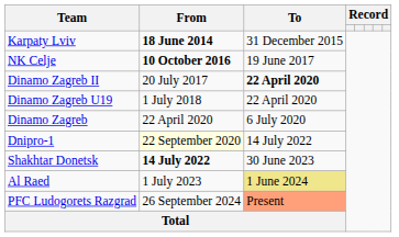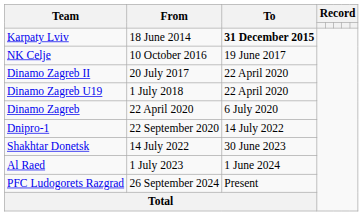 <table class=wikitable style="text-align: center">
 <tr>
 <th rowspan=2>Team</th>
 <th rowspan=2>From</th>
 <th rowspan=2>To</th>
 <th colspan=5>Record</th>
 </tr>
 <tr>
 <th></th>
 <th></th>
 <th></th>
 <th></th>
 <th></th>
 </tr>
 <tr>
 <td align=left><a href='#'>Karpaty Lviv</a></td>
-<td align=left><strong>18 June 2014</strong></td>
-<td align=left>31 December 2015<br></td>
+<td align=left>18 June 2014</td>
+<td align=left><strong>31 December 2015<br></strong></td>
 </tr>
 <tr>
 <td align=left><a href='#'>NK Celje</a></td>
-<td align=left><strong>10 October 2016</strong></td>
+<td align=left>10 October 2016</td>
 <td align=left>19 June 2017<br></td>
 </tr>
 <tr>
 <td align=left><a href='#'>Dinamo Zagreb II</a></td>
 <td align=left>20 July 2017</td>
-<td align=left><strong>22 April 2020<br></strong></td>
+<td align=left>22 April 2020<br></td>
 </tr>
 <tr>
 <td align=left><a href='#'>Dinamo Zagreb U19</a></td>
 <td align=left>1 July 2018</td>
 <td align=left>22 April 2020<br></td>
 </tr>
 <tr>
 <td align=left><a href='#'>Dinamo Zagreb</a></td>
 <td align=left>22 April 2020</td>
 <td align=left>6 July 2020<br></td>
 </tr>
 <tr>
 <td align=left><a href='#'>Dnipro-1</a></td>
-<td align=left style="background: lightyellow;">22 September 2020</td>
+<td align=left>22 September 2020</td>
 <td align=left>14 July 2022<br></td>
 </tr>
 <tr>
 <td align=left><a href='#'>Shakhtar Donetsk</a></td>
-<td align=left><strong>14 July 2022</strong></td>
+<td align=left>14 July 2022</td>
 <td align=left>30 June 2023<br></td>
 </tr>
 <tr>
 <td align=left><a href='#'>Al Raed</a></td>
 <td align=left>1 July 2023</td>
-<td align=left style="background: khaki;">1 June 2024<br></td>
+<td align=left>1 June 2024<br></td>
 </tr>
 <tr>
 <td align=left><a href='#'>PFC Ludogorets Razgrad</a></td>
 <td align=left>26 September 2024</td>
-<td align=left style="background: lightsalmon;">Present<br></td>
+<td align=left>Present<br></td>
 </tr>
 <tr>
 <th colspan=3>Total<br></th>
 </tr>
 </table>
